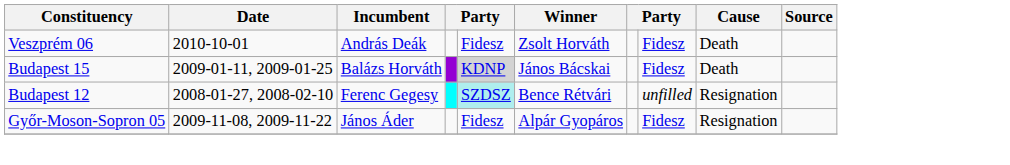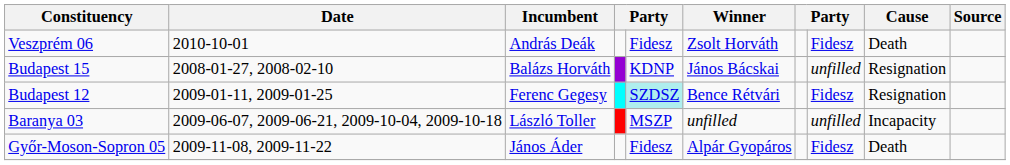 <table class="wikitable">
 <tr>
 <th>Constituency</th>
 <th>Date</th>
 <th>Incumbent</th>
 <th colspan=2>Party</th>
 <th>Winner</th>
 <th colspan=2>Party</th>
 <th>Cause</th>
 <th>Source</th>
 </tr>
 <tr>
 <td><a href='#'>Veszprém 06</a></td>
 <td>2010-10-01</td>
 <td><a href='#'>András Deák</a></td>
 <td style="background-color:"> </td>
 <td><a href='#'>Fidesz</a></td>
 <td><a href='#'>Zsolt Horváth</a></td>
 <td style="background-color:"> </td>
 <td><a href='#'>Fidesz</a></td>
 <td>Death</td>
 <td></td>
 </tr>
 <tr>
 <td><a href='#'>Budapest 15</a></td>
-<td>2009-01-11, 2009-01-25</td>
+<td>2008-01-27, 2008-02-10</td>
 <td><a href='#'>Balázs Horváth</a></td>
 <td style="background-color:darkviolet"> </td>
-<td style="background: lightgrey;"><a href='#'>KDNP</a></td>
+<td><a href='#'>KDNP</a></td>
 <td><a href='#'>János Bácskai</a></td>
 <td style="background-color:"> </td>
-<td><a href='#'>Fidesz</a></td>
-<td>Death</td>
+<td><em>unfilled</em></td>
+<td>Resignation</td>
 <td></td>
 </tr>
 <tr>
 <td><a href='#'>Budapest 12</a></td>
-<td>2008-01-27, 2008-02-10</td>
+<td>2009-01-11, 2009-01-25</td>
 <td><a href='#'>Ferenc Gegesy</a></td>
 <td style="background-color:aqua"> </td>
 <td style="background: paleturquoise;"><a href='#'>SZDSZ</a></td>
 <td><a href='#'>Bence Rétvári</a></td>
 <td style="background-color:"> </td>
+<td><a href='#'>Fidesz</a></td>
+<td>Resignation</td>
+<td></td>
+</tr>
+<tr>
+<td><a href='#'>Baranya 03</a></td>
+<td>2009-06-07, 2009-06-21, 2009-10-04, 2009-10-18</td>
+<td><a href='#'>László Toller</a></td>
+<td style="background-color:red"> </td>
+<td><a href='#'>MSZP</a></td>
 <td><em>unfilled</em></td>
-<td>Resignation</td>
+<td style="background-color:"> </td>
+<td><em>unfilled</em></td>
+<td>Incapacity</td>
 <td></td>
 </tr>
 <tr>
 <td><a href='#'>Győr-Moson-Sopron 05</a></td>
 <td>2009-11-08, 2009-11-22</td>
 <td><a href='#'>János Áder</a></td>
 <td style="background-color:"> </td>
 <td><a href='#'>Fidesz</a></td>
 <td><a href='#'>Alpár Gyopáros</a></td>
 <td style="background-color:"> </td>
 <td><a href='#'>Fidesz</a></td>
-<td>Resignation</td>
+<td>Death</td>
 <td></td>
 </tr>
 <tr>
 </tr>
 </table>
